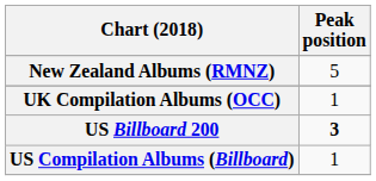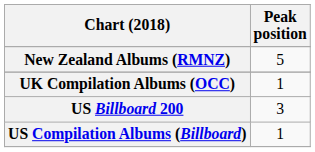 <table class="wikitable sortable plainrowheaders" style="text-align:center">
 <tr>
 <th scope="col">Chart (2018)</th>
 <th scope="col">Peak<br> position</th>
 </tr>
 <tr>
 </tr>
 <tr>
 </tr>
 <tr>
 </tr>
 <tr>
 </tr>
 <tr>
 </tr>
 <tr>
 </tr>
 <tr>
 </tr>
 <tr>
 <th scope="row">New Zealand Albums (<a href='#'>RMNZ</a>)</th>
 <td>5</td>
 </tr>
 <tr>
 </tr>
 <tr>
 <th scope="row">UK Compilation Albums (<a href='#'>OCC</a>)</th>
 <td>1</td>
 </tr>
 <tr>
 <th scope="row">US <a href='#'><em>Billboard</em> 200</a></th>
-<td><strong>3</strong></td>
+<td>3</td>
 </tr>
 <tr>
 <th scope="row">US <a href='#'>Compilation Albums</a> (<em><a href='#'>Billboard</a></em>)</th>
 <td>1</td>
 </tr>
 <tr>
 </tr>
 </table>
